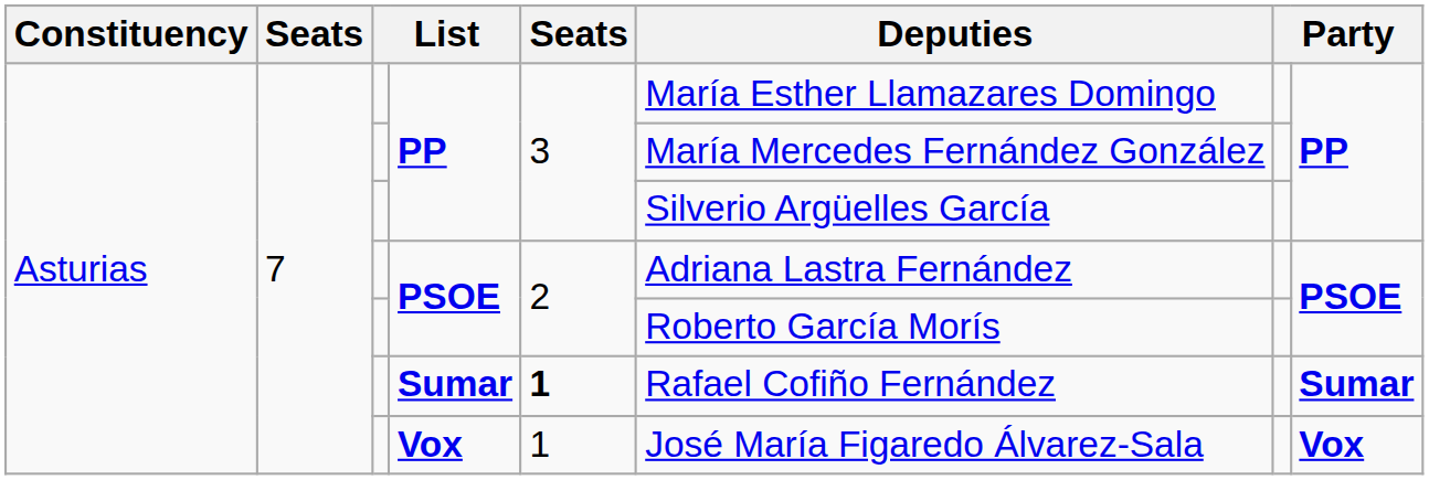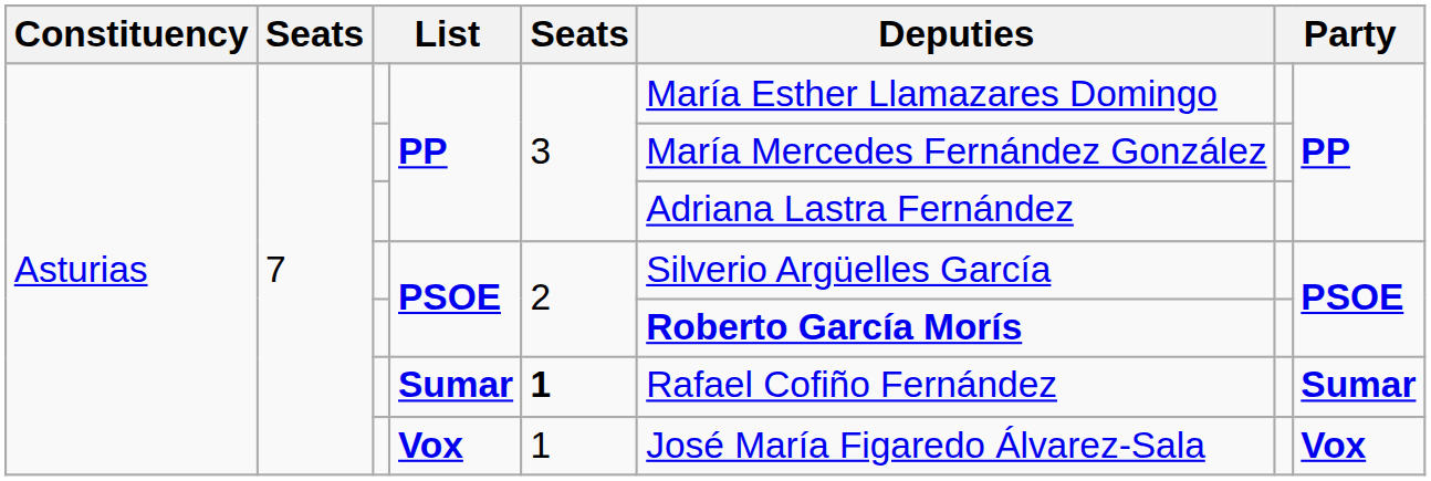 <table class="wikitable sortable">
 <tr>
 <th>Constituency</th>
 <th>Seats</th>
 <th colspan="2">List</th>
 <th>Seats</th>
 <th>Deputies</th>
 <th colspan="2">Party</th>
 </tr>
 <tr>
 <td rowspan="7"><a href='#'>Asturias</a></td>
 <td rowspan="7">7</td>
 <td></td>
 <td rowspan="3"><strong><a href='#'>PP</a></strong></td>
 <td rowspan="3">3</td>
 <td><a href='#'>María Esther Llamazares Domingo</a></td>
 <td></td>
 <td rowspan="3"><strong><a href='#'>PP</a></strong></td>
 </tr>
 <tr>
 <td></td>
 <td><a href='#'>María Mercedes Fernández González</a></td>
 <td></td>
 </tr>
 <tr>
 <td></td>
-<td><a href='#'>Silverio Argüelles García</a></td>
+<td><a href='#'>Adriana Lastra Fernández</a></td>
 <td></td>
 </tr>
 <tr>
 <td></td>
 <td rowspan="2"><strong><a href='#'>PSOE</a></strong></td>
 <td rowspan="2">2</td>
-<td><a href='#'>Adriana Lastra Fernández</a></td>
+<td><a href='#'>Silverio Argüelles García</a></td>
 <td></td>
 <td rowspan="2"><strong><a href='#'>PSOE</a></strong></td>
 </tr>
 <tr>
 <td></td>
-<td><a href='#'>Roberto García Morís</a></td>
+<td><strong><a href='#'>Roberto García Morís</a></strong></td>
 <td></td>
 </tr>
 <tr>
 <td></td>
 <td><strong><a href='#'>Sumar</a></strong></td>
 <td><strong>1</strong></td>
 <td><a href='#'>Rafael Cofiño Fernández</a></td>
 <td></td>
 <td><strong><a href='#'>Sumar</a></strong></td>
 </tr>
 <tr>
 <td></td>
 <td><strong><a href='#'>Vox</a></strong></td>
 <td>1</td>
 <td><a href='#'>José María Figaredo Álvarez-Sala</a></td>
 <td></td>
 <td><strong><a href='#'>Vox</a></strong></td>
 </tr>
 </table>
